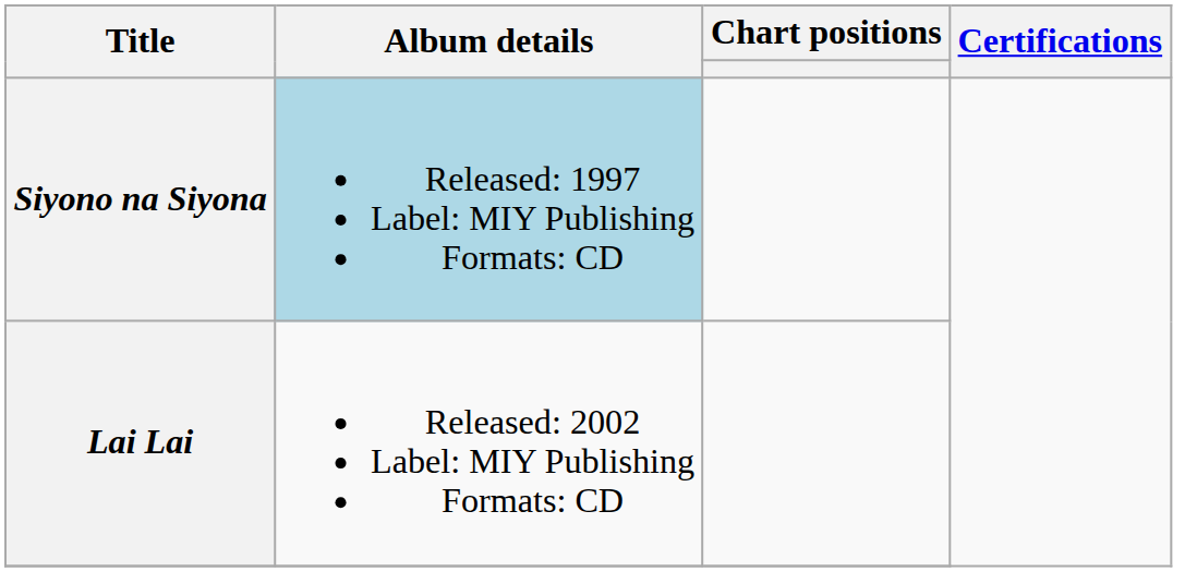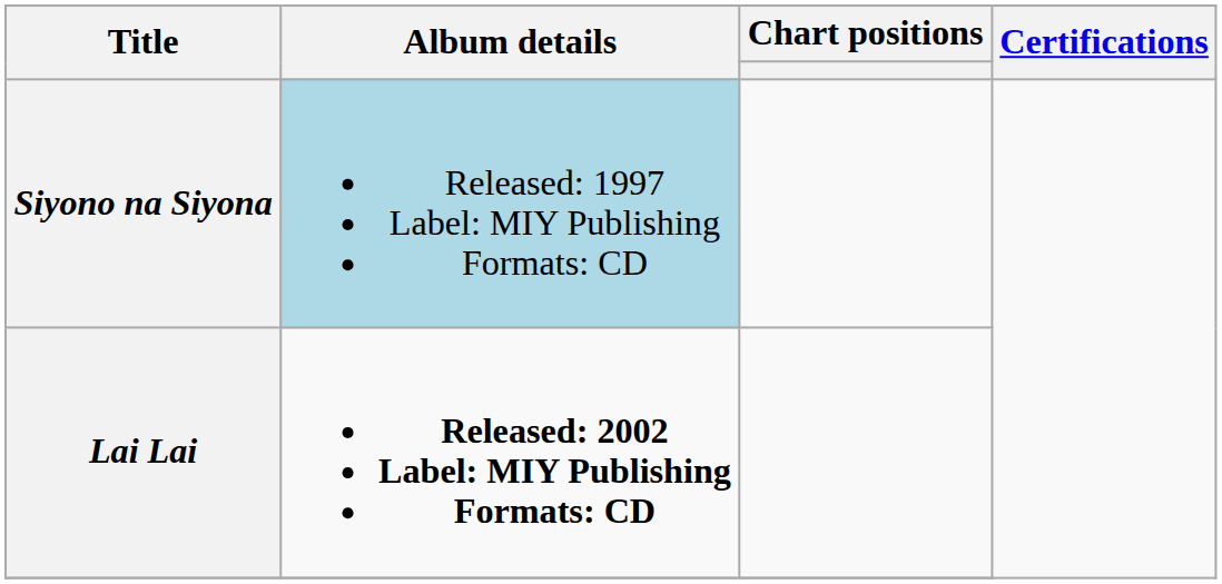 <table class="wikitable plainrowheaders" style="text-align:center;">
 <tr>
 <th scope="col" rowspan="2">Title</th>
 <th scope="col" rowspan="2">Album details</th>
 <th scope="col">Chart positions</th>
 <th scope="col" rowspan="2"><a href='#'>Certifications</a></th>
 </tr>
 <tr>
 <th></th>
 </tr>
 <tr>
 <th scope="row"><em>Siyono na Siyona</em></th>
 <td style="background: lightblue;"><br><ul><li>Released: 1997</li><li>Label: MIY Publishing</li><li>Formats: CD</li></ul></td>
 <td></td>
 </tr>
 <tr>
 <th scope="row"><em>Lai Lai</em></th>
-<td><br><ul><li>Released: 2002</li><li>Label: MIY Publishing</li><li>Formats: CD</li></ul></td>
+<td><strong><br><ul><li>Released: 2002</li><li>Label: MIY Publishing</li><li>Formats: CD</li></ul></strong></td>
 <td></td>
 </tr>
 <tr>
 </tr>
 </table>
